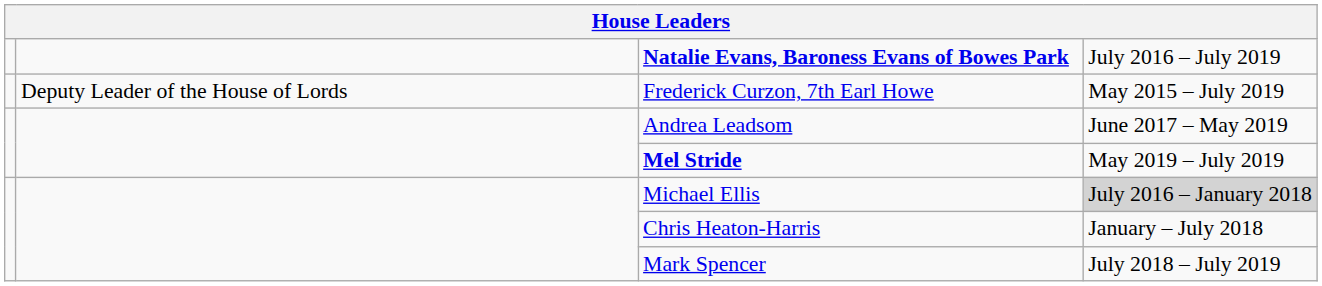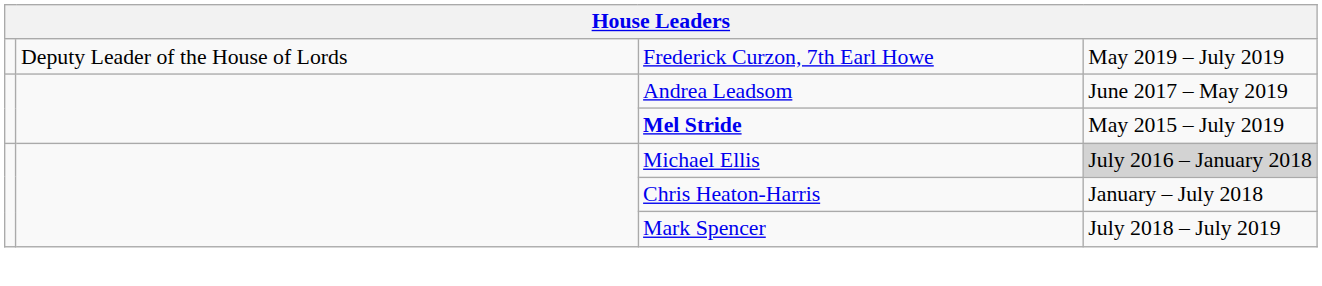 <table class="wikitable">
 <tr>
 <th colspan="4"><a href='#'>House Leaders</a></th>
 </tr>
 <tr>
 <td style="width: 1px; background: "></td>
-<td></td>
-<td {{small><strong><a href='#'>Natalie Evans, Baroness Evans of Bowes Park</a></strong></td>
-<td>July 2016 – July 2019</td>
-</tr>
-<tr>
-<td style="width: 1px; background: "></td>
 <td>Deputy Leader of the House of Lords</td>
 <td><a href='#'>Frederick Curzon, 7th Earl Howe</a><br></td>
-<td>May 2015 – July 2019</td>
+<td>May 2019 – July 2019</td>
 </tr>
 <tr>
 <td rowspan=2 style="width: 1px; background: "></td>
 <td rowspan=2 style="width: 450px;"></td>
 <td style="width: 320px;"><a href='#'>Andrea Leadsom</a></td>
 <td>June 2017 – May 2019</td>
 </tr>
 <tr>
 <td style="width: 320px;"><strong><a href='#'>Mel Stride</a></strong></td>
-<td>May 2019 – July 2019</td>
+<td>May 2015 – July 2019</td>
 </tr>
 <tr>
 <td rowspan=3 style="width: 1px; background: "></td>
 <td rowspan=3></td>
 <td><a href='#'>Michael Ellis</a> <br></td>
 <td style="background: lightgrey;">July 2016 – January 2018</td>
 </tr>
 <tr>
 <td><a href='#'>Chris Heaton-Harris</a> <br></td>
 <td>January – July 2018</td>
 </tr>
 <tr>
 <td><a href='#'>Mark Spencer</a> <br></td>
 <td>July 2018 – July 2019</td>
 </tr>
 </table>
